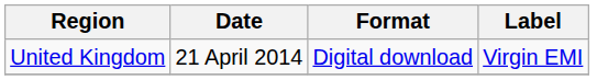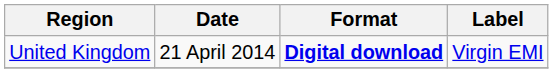 <table class=wikitable>
 <tr>
 <th>Region</th>
 <th>Date</th>
 <th>Format</th>
 <th>Label</th>
 </tr>
 <tr>
 <td><a href='#'>United Kingdom</a></td>
 <td>21 April 2014</td>
-<td><a href='#'>Digital download</a></td>
+<td><strong><a href='#'>Digital download</a></strong></td>
 <td><a href='#'>Virgin EMI</a></td>
 </tr>
 <tr>
 </tr>
 </table>
